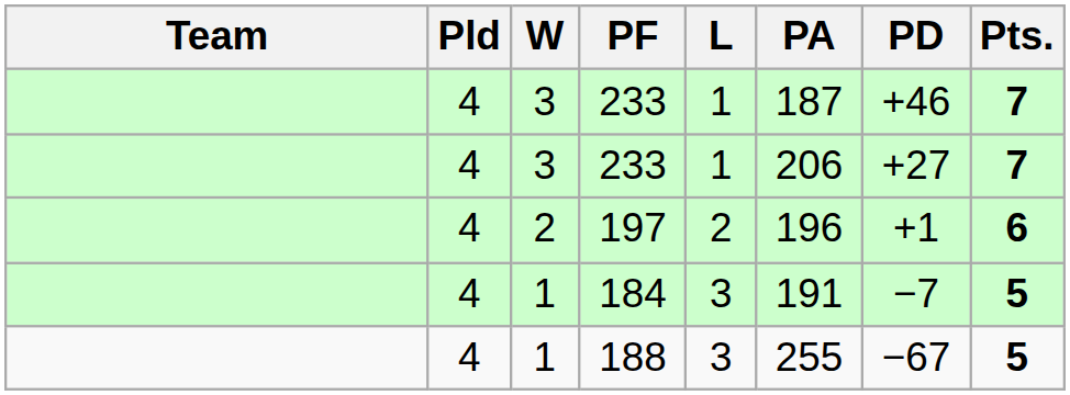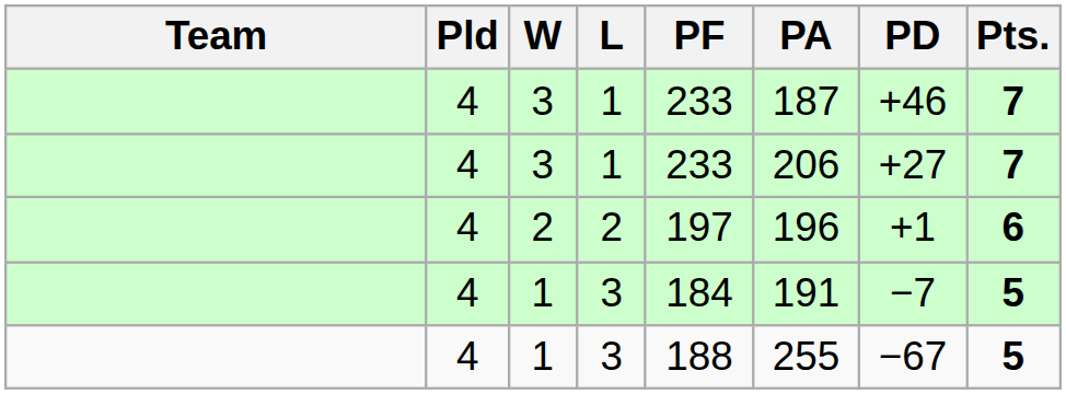 <table class=wikitable style="text-align:center">
 <tr>
 <th width=160>Team</th>
 <th width=20>Pld</th>
 <th width=20>W</th>
+<th width=20>L</th>
 <th width=35>PF</th>
-<th width=20>L</th>
 <th width=35>PA</th>
 <th width=35>PD</th>
 <th width=30>Pts.</th>
 </tr>
 <tr bgcolor=ccffcc>
 <td align=left></td>
 <td>4</td>
 <td>3</td>
+<td>1</td>
 <td>233</td>
-<td>1</td>
 <td>187</td>
 <td>+46</td>
 <td><strong>7</strong></td>
 </tr>
 <tr bgcolor=ccffcc>
 <td align=left></td>
 <td>4</td>
 <td>3</td>
+<td>1</td>
 <td>233</td>
-<td>1</td>
 <td>206</td>
 <td>+27</td>
 <td><strong>7</strong></td>
 </tr>
 <tr bgcolor=ccffcc>
 <td align=left></td>
 <td>4</td>
 <td>2</td>
+<td>2</td>
 <td>197</td>
-<td>2</td>
 <td>196</td>
 <td>+1</td>
 <td><strong>6</strong></td>
 </tr>
 <tr bgcolor=ccffcc>
 <td align=left></td>
 <td>4</td>
 <td>1</td>
+<td>3</td>
 <td>184</td>
-<td>3</td>
 <td>191</td>
 <td>−7</td>
 <td><strong>5</strong></td>
 </tr>
 <tr bgcolor=>
 <td align=left></td>
 <td>4</td>
 <td>1</td>
+<td>3</td>
 <td>188</td>
-<td>3</td>
 <td>255</td>
 <td>−67</td>
 <td><strong>5</strong></td>
 </tr>
 </table>
